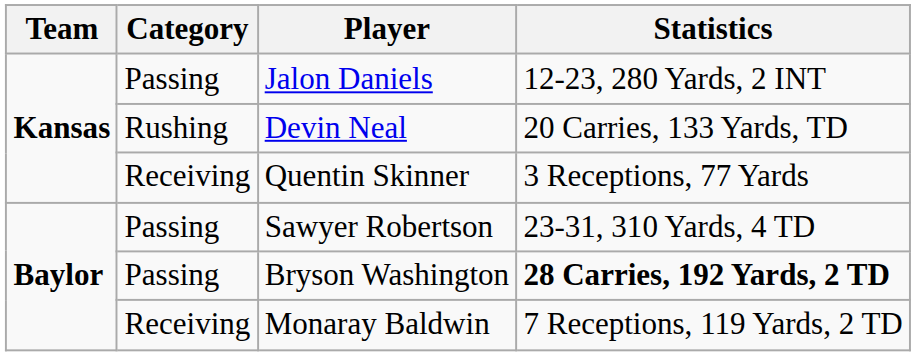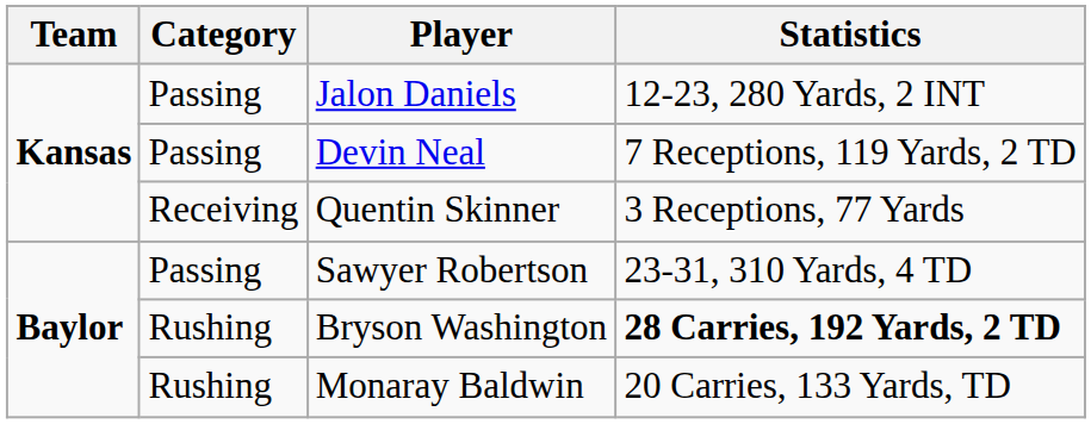 <table class="wikitable" style="float: right;">
 <tr>
 <th>Team</th>
 <th>Category</th>
 <th>Player</th>
 <th>Statistics</th>
 </tr>
 <tr>
 <td rowspan=3><strong>Kansas</strong></td>
 <td>Passing</td>
 <td><a href='#'>Jalon Daniels</a></td>
 <td>12-23, 280 Yards, 2 INT</td>
 </tr>
 <tr>
-<td>Rushing</td>
+<td>Passing</td>
 <td><a href='#'>Devin Neal</a></td>
-<td>20 Carries, 133 Yards, TD</td>
+<td>7 Receptions, 119 Yards, 2 TD</td>
 </tr>
 <tr>
 <td>Receiving</td>
 <td>Quentin Skinner</td>
 <td>3 Receptions, 77 Yards</td>
 </tr>
 <tr>
 <td rowspan=3><strong>Baylor</strong></td>
 <td>Passing</td>
 <td>Sawyer Robertson</td>
 <td>23-31, 310 Yards, 4 TD</td>
 </tr>
 <tr>
-<td>Passing</td>
+<td>Rushing</td>
 <td>Bryson Washington</td>
 <td><strong>28 Carries, 192 Yards, 2 TD</strong></td>
 </tr>
 <tr>
-<td>Receiving</td>
+<td>Rushing</td>
 <td>Monaray Baldwin</td>
-<td>7 Receptions, 119 Yards, 2 TD</td>
+<td>20 Carries, 133 Yards, TD</td>
 </tr>
 </table>
